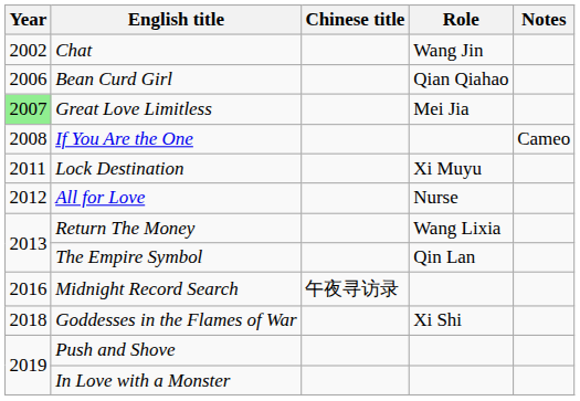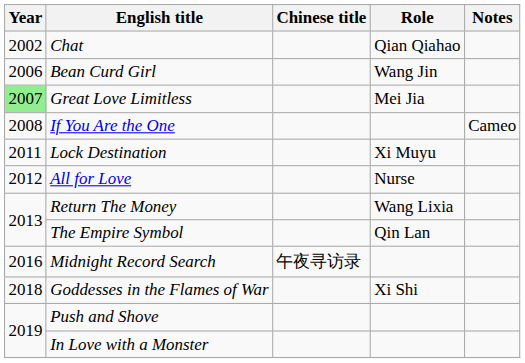 <table class="wikitable">
 <tr>
 <th>Year</th>
 <th>English title</th>
 <th>Chinese title</th>
 <th>Role</th>
 <th>Notes</th>
 </tr>
 <tr>
 <td>2002</td>
 <td><em>Chat</em></td>
 <td></td>
-<td>Wang Jin</td>
+<td>Qian Qiahao</td>
 <td></td>
 </tr>
 <tr>
 <td>2006</td>
 <td><em>Bean Curd Girl</em></td>
 <td></td>
-<td>Qian Qiahao</td>
+<td>Wang Jin</td>
 <td></td>
 </tr>
 <tr>
 <td style="background: lightgreen;">2007</td>
 <td><em>Great Love Limitless</em></td>
 <td></td>
 <td>Mei Jia</td>
 <td></td>
 </tr>
 <tr>
 <td>2008</td>
 <td><em><a href='#'>If You Are the One</a></em></td>
 <td></td>
 <td></td>
 <td>Cameo</td>
 </tr>
 <tr>
 <td>2011</td>
 <td><em>Lock Destination</em></td>
 <td></td>
 <td>Xi Muyu</td>
 <td></td>
 </tr>
 <tr>
 <td>2012</td>
 <td><em><a href='#'>All for Love</a></em></td>
 <td></td>
 <td>Nurse</td>
 <td></td>
 </tr>
 <tr>
 <td rowspan=2>2013</td>
 <td><em>Return The Money</em></td>
 <td></td>
 <td>Wang Lixia</td>
 <td></td>
 </tr>
 <tr>
 <td><em>The Empire Symbol</em></td>
 <td></td>
 <td>Qin Lan</td>
 <td></td>
 </tr>
 <tr>
 <td>2016</td>
 <td><em>Midnight Record Search</em></td>
 <td>午夜寻访录</td>
 <td></td>
 <td></td>
 </tr>
 <tr>
 <td>2018</td>
 <td><em>Goddesses in the Flames of War</em></td>
 <td></td>
 <td>Xi Shi</td>
 <td></td>
 </tr>
 <tr>
 <td rowspan=2>2019</td>
 <td><em>Push and Shove</em></td>
 <td></td>
 <td></td>
 <td></td>
 </tr>
 <tr>
 <td><em>In Love with a Monster</em></td>
 <td></td>
 <td></td>
 <td></td>
 </tr>
 <tr>
 </tr>
 </table>
